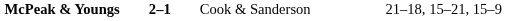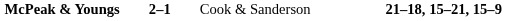 <table>
 <tr>
 <th width=200></th>
 <th width=80></th>
 <th width=200></th>
 <th width=220></th>
 </tr>
 <tr>
 <td align=right> <strong>McPeak & Youngs</strong></td>
 <td align=center><strong>2–1</strong></td>
 <td align=left>Cook & Sanderson</td>
-<td>21–18, 15–21, 15–9</td>
+<td><strong>21–18, 15–21, 15–9</strong></td>
 </tr>
 </table>
